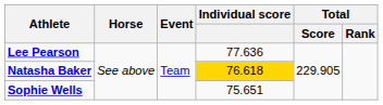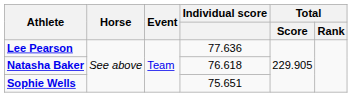 <table class=wikitable style="font-size:90%">
 <tr>
 <th rowspan="2">Athlete</th>
 <th rowspan="2">Horse</th>
 <th rowspan="2">Event</th>
 <th colspan="1">Individual score</th>
 <th colspan="2">Total</th>
 </tr>
 <tr>
 <th></th>
 <th>Score</th>
 <th>Rank</th>
 </tr>
 <tr align=center>
 <td align=left><strong><a href='#'>Lee Pearson</a></strong></td>
 <td align=left rowspan=3><em>See above</em></td>
 <td align=left rowspan=3><a href='#'>Team</a></td>
 <td>77.636</td>
 <td rowspan="3">229.905</td>
 <td rowspan="3"></td>
 </tr>
 <tr align=center>
 <td align=left><strong><a href='#'>Natasha Baker</a></strong></td>
-<td style="background: gold;">76.618</td>
+<td>76.618</td>
 </tr>
 <tr align=center>
 <td align=left><strong><a href='#'>Sophie Wells</a></strong></td>
 <td>75.651</td>
 </tr>
 </table>
